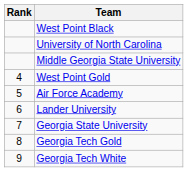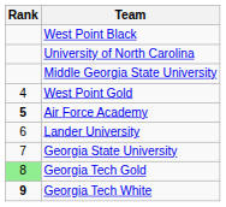 <table class="wikitable">
 <tr>
 <th>Rank</th>
 <th>Team</th>
 </tr>
 <tr>
 <td align=center></td>
 <td align="left"><a href='#'>West Point Black</a></td>
 </tr>
 <tr>
 <td align=center></td>
 <td align="left"><a href='#'>University of North Carolina</a></td>
 </tr>
 <tr>
 <td align=center></td>
 <td align="left"><a href='#'>Middle Georgia State University</a></td>
 </tr>
 <tr>
 <td align=center>4</td>
 <td align="left"><a href='#'>West Point Gold</a></td>
 </tr>
 <tr>
-<td align=center>5</td>
+<td align=center><strong>5</strong></td>
 <td align="left"><a href='#'>Air Force Academy</a></td>
 </tr>
 <tr>
 <td align=center>6</td>
 <td align="left"><a href='#'>Lander University</a></td>
 </tr>
 <tr>
 <td align=center>7</td>
 <td align="left"><a href='#'>Georgia State University</a></td>
 </tr>
 <tr>
-<td align=center>8</td>
+<td align=center style="background: lightgreen;">8</td>
 <td align="left"><a href='#'>Georgia Tech Gold</a></td>
 </tr>
 <tr>
-<td align=center>9</td>
+<td align=center><strong>9</strong></td>
 <td align="left"><a href='#'>Georgia Tech White</a></td>
 </tr>
 </table>
